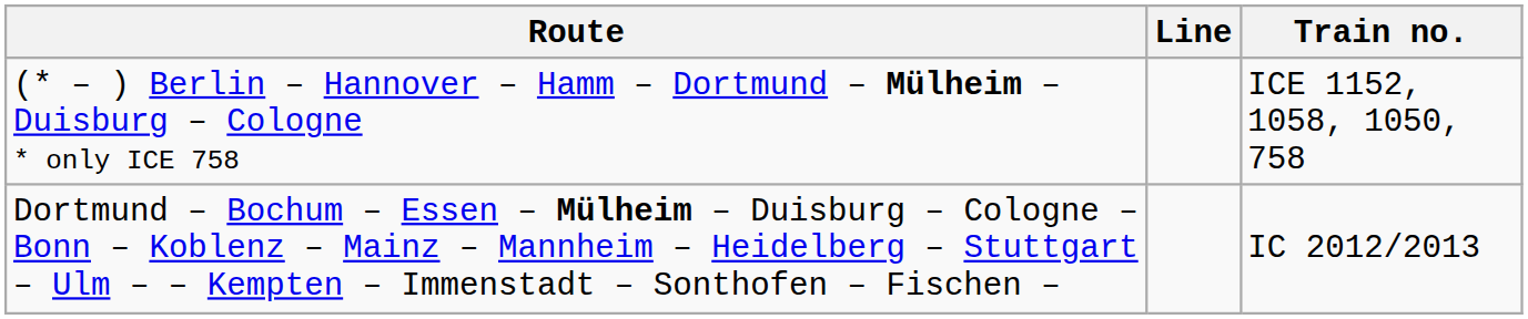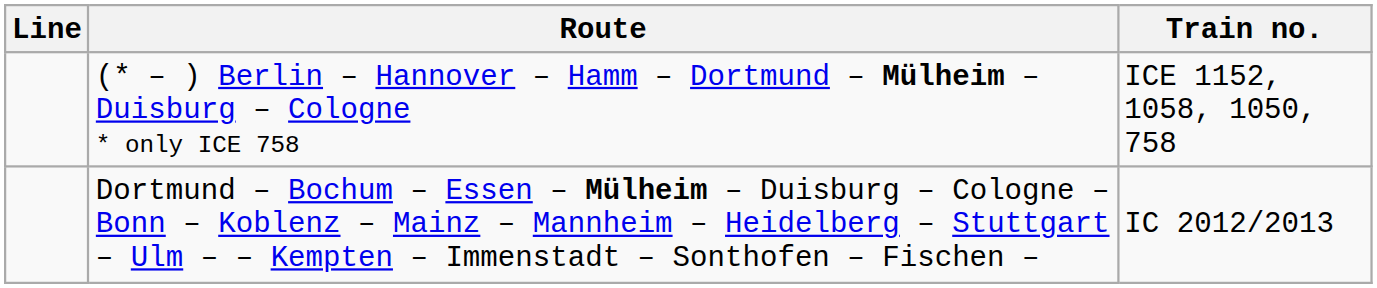 <table class="wikitable">
 <tr>
+<th>Line</th>
 <th>Route</th>
-<th>Line</th>
 <th>Train no.</th>
 </tr>
 <tr>
+<td></td>
 <td>(* – ) <a href='#'>Berlin</a> – <a href='#'>Hannover</a> – <a href='#'>Hamm</a> – <a href='#'>Dortmund</a> – <strong>Mülheim</strong> – <a href='#'>Duisburg</a> – <a href='#'>Cologne</a><br><small>* only ICE 758</small></td>
-<td></td>
 <td>ICE 1152, 1058, 1050, 758</td>
 </tr>
 <tr>
+<td></td>
 <td>Dortmund – <a href='#'>Bochum</a> – <a href='#'>Essen</a> – <strong>Mülheim</strong> – Duisburg – Cologne – <a href='#'>Bonn</a> – <a href='#'>Koblenz</a> – <a href='#'>Mainz</a> – <a href='#'>Mannheim</a> – <a href='#'>Heidelberg</a> – <a href='#'>Stuttgart</a> – <a href='#'>Ulm</a> –  – <a href='#'>Kempten</a> – Immenstadt – Sonthofen – Fischen – </td>
-<td></td>
 <td>IC 2012/2013</td>
 </tr>
 </table>
